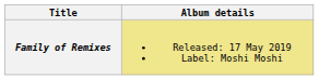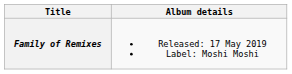 <table class="wikitable plainrowheaders" style="text-align:center;">
 <tr>
 <th scope="col" style="width:12em;">Title</th>
 <th scope="col" style="width:20em;">Album details</th>
 </tr>
 <tr>
 <th scope="row"><em>Family of Remixes</em></th>
-<td style="background: khaki;"><br><ul><li>Released: 17 May 2019</li><li>Label: Moshi Moshi</li></ul></td>
+<td><br><ul><li>Released: 17 May 2019</li><li>Label: Moshi Moshi</li></ul></td>
 </tr>
 </table>
